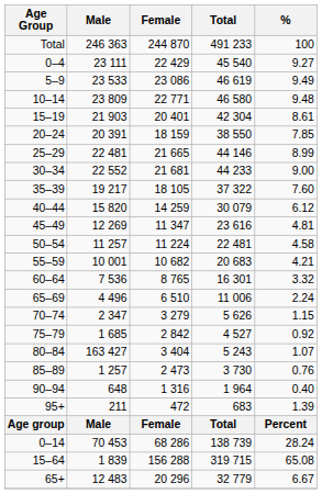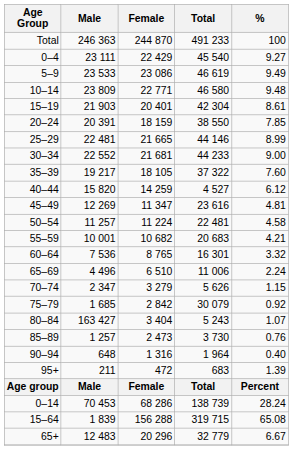 <table class="wikitable">
 <tr>
 <th width="80pt">Age Group</th>
 <th width="80pt">Male</th>
 <th width="80pt">Female</th>
 <th width="80pt">Total</th>
 <th width="80pt">%</th>
 </tr>
 <tr>
 <td align="right">Total</td>
 <td align="right">246 363</td>
 <td align="right">244 870</td>
 <td align="right">491 233</td>
 <td align="right">100</td>
 </tr>
 <tr>
 <td align="right">0–4</td>
 <td align="right">23 111</td>
 <td align="right">22 429</td>
 <td align="right">45 540</td>
 <td align="right">9.27</td>
 </tr>
 <tr>
 <td align="right">5–9</td>
 <td align="right">23 533</td>
 <td align="right">23 086</td>
 <td align="right">46 619</td>
 <td align="right">9.49</td>
 </tr>
 <tr>
 <td align="right">10–14</td>
 <td align="right">23 809</td>
 <td align="right">22 771</td>
 <td align="right">46 580</td>
 <td align="right">9.48</td>
 </tr>
 <tr>
 <td align="right">15–19</td>
 <td align="right">21 903</td>
 <td align="right">20 401</td>
 <td align="right">42 304</td>
 <td align="right">8.61</td>
 </tr>
 <tr>
 <td align="right">20–24</td>
 <td align="right">20 391</td>
 <td align="right">18 159</td>
 <td align="right">38 550</td>
 <td align="right">7.85</td>
 </tr>
 <tr>
 <td align="right">25–29</td>
 <td align="right">22 481</td>
 <td align="right">21 665</td>
 <td align="right">44 146</td>
 <td align="right">8.99</td>
 </tr>
 <tr>
 <td align="right">30–34</td>
 <td align="right">22 552</td>
 <td align="right">21 681</td>
 <td align="right">44 233</td>
 <td align="right">9.00</td>
 </tr>
 <tr>
 <td align="right">35–39</td>
 <td align="right">19 217</td>
 <td align="right">18 105</td>
 <td align="right">37 322</td>
 <td align="right">7.60</td>
 </tr>
 <tr>
 <td align="right">40–44</td>
 <td align="right">15 820</td>
 <td align="right">14 259</td>
-<td align="right">30 079</td>
+<td align="right">4 527</td>
 <td align="right">6.12</td>
 </tr>
 <tr>
 <td align="right">45–49</td>
 <td align="right">12 269</td>
 <td align="right">11 347</td>
 <td align="right">23 616</td>
 <td align="right">4.81</td>
 </tr>
 <tr>
 <td align="right">50–54</td>
 <td align="right">11 257</td>
 <td align="right">11 224</td>
 <td align="right">22 481</td>
 <td align="right">4.58</td>
 </tr>
 <tr>
 <td align="right">55–59</td>
 <td align="right">10 001</td>
 <td align="right">10 682</td>
 <td align="right">20 683</td>
 <td align="right">4.21</td>
 </tr>
 <tr>
 <td align="right">60–64</td>
 <td align="right">7 536</td>
 <td align="right">8 765</td>
 <td align="right">16 301</td>
 <td align="right">3.32</td>
 </tr>
 <tr>
 <td align="right">65–69</td>
 <td align="right">4 496</td>
 <td align="right">6 510</td>
 <td align="right">11 006</td>
 <td align="right">2.24</td>
 </tr>
 <tr>
 <td align="right">70–74</td>
 <td align="right">2 347</td>
 <td align="right">3 279</td>
 <td align="right">5 626</td>
 <td align="right">1.15</td>
 </tr>
 <tr>
 <td align="right">75–79</td>
 <td align="right">1 685</td>
 <td align="right">2 842</td>
-<td align="right">4 527</td>
+<td align="right">30 079</td>
 <td align="right">0.92</td>
 </tr>
 <tr>
 <td align="right">80–84</td>
 <td align="right">163 427</td>
 <td align="right">3 404</td>
 <td align="right">5 243</td>
 <td align="right">1.07</td>
 </tr>
 <tr>
 <td align="right">85–89</td>
 <td align="right">1 257</td>
 <td align="right">2 473</td>
 <td align="right">3 730</td>
 <td align="right">0.76</td>
 </tr>
 <tr>
 <td align="right">90–94</td>
 <td align="right">648</td>
 <td align="right">1 316</td>
 <td align="right">1 964</td>
 <td align="right">0.40</td>
 </tr>
 <tr>
 <td align="right">95+</td>
 <td align="right">211</td>
 <td align="right">472</td>
 <td align="right">683</td>
 <td align="right">1.39</td>
 </tr>
 <tr>
 <th width="50">Age group</th>
 <th width="80pt">Male</th>
 <th width="80">Female</th>
 <th width="80">Total</th>
 <th width="50">Percent</th>
 </tr>
 <tr>
 <td align="right">0–14</td>
 <td align="right">70 453</td>
 <td align="right">68 286</td>
 <td align="right">138 739</td>
 <td align="right">28.24</td>
 </tr>
 <tr>
 <td align="right">15–64</td>
 <td align="right">1 839</td>
 <td align="right">156 288</td>
 <td align="right">319 715</td>
 <td align="right">65.08</td>
 </tr>
 <tr>
 <td align="right">65+</td>
 <td align="right">12 483</td>
 <td align="right">20 296</td>
 <td align="right">32 779</td>
 <td align="right">6.67</td>
 </tr>
 <tr>
 </tr>
 </table>
